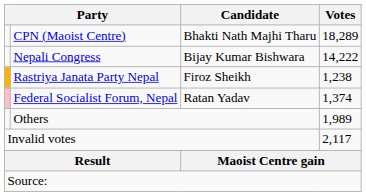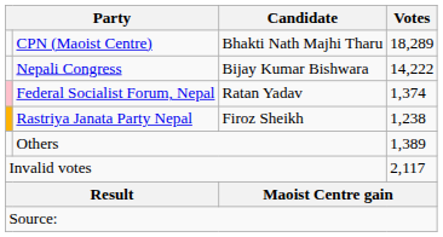 <table class="wikitable">
 <tr>
 <th colspan="2">Party</th>
 <th>Candidate</th>
 <th>Votes</th>
 </tr>
 <tr>
 <td style="background-color:"></td>
 <td><a href='#'>CPN (Maoist Centre)</a></td>
 <td>Bhakti Nath Majhi Tharu</td>
 <td>18,289</td>
 </tr>
 <tr>
 <td style="background-color:"></td>
 <td><a href='#'>Nepali Congress</a></td>
 <td>Bijay Kumar Bishwara</td>
 <td>14,222</td>
 </tr>
 <tr>
+<td style="background-color:pink"></td>
+<td><a href='#'>Federal Socialist Forum, Nepal</a></td>
+<td>Ratan Yadav</td>
+<td>1,374</td>
+</tr>
+<tr>
 <td style="background-color:#ffb300"></td>
 <td><a href='#'>Rastriya Janata Party Nepal</a></td>
 <td>Firoz Sheikh</td>
 <td>1,238</td>
 </tr>
 <tr>
-<td style="background-color:pink"></td>
-<td><a href='#'>Federal Socialist Forum, Nepal</a></td>
-<td>Ratan Yadav</td>
-<td>1,374</td>
-</tr>
-<tr>
 <td></td>
 <td colspan="2">Others</td>
-<td>1,989</td>
+<td>1,389</td>
 </tr>
 <tr>
 <td colspan="3">Invalid votes</td>
 <td>2,117</td>
 </tr>
 <tr>
 <th colspan="2">Result</th>
 <th colspan="2">Maoist Centre gain</th>
 </tr>
 <tr>
 <td colspan="4">Source: </td>
 </tr>
 </table>
